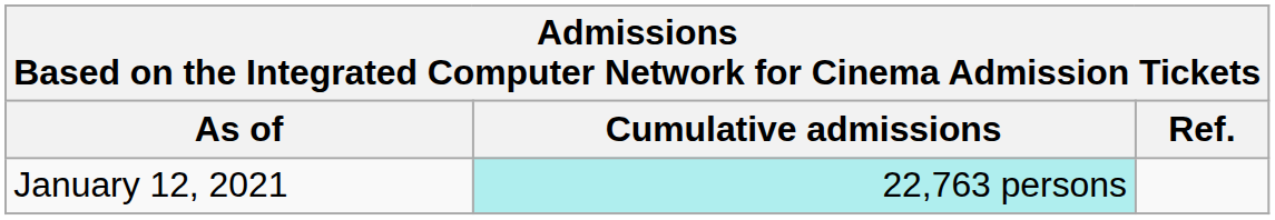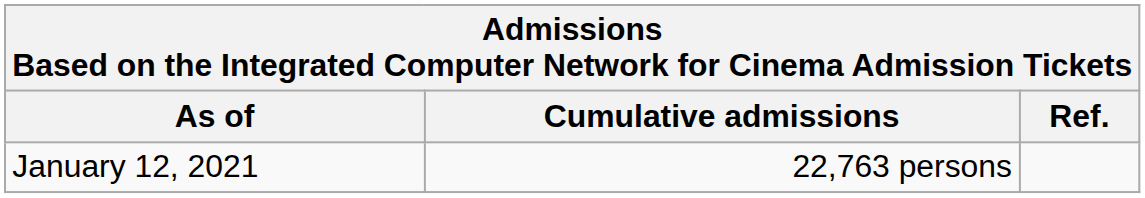 <table class="wikitable sortable">
 <tr>
 <th colspan="3">Admissions<br>Based on the Integrated Computer Network for Cinema Admission Tickets</th>
 </tr>
 <tr>
 <th>As of</th>
 <th>Cumulative admissions</th>
 <th class="unsortable">Ref.</th>
 </tr>
 <tr>
 <td>January 12, 2021</td>
-<td style="background: paleturquoise; text-align:right;">22,763 persons</td>
+<td style="text-align:right;">22,763 persons</td>
 <td></td>
 </tr>
 </table>
